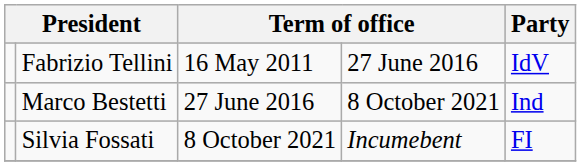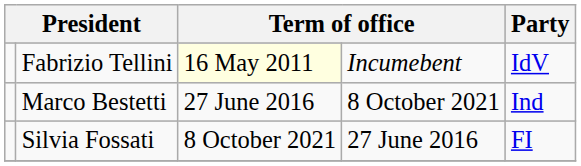 <table class="wikitable">
 <tr>
 <th colspan="2">President</th>
 <th colspan="2">Term of office</th>
 <th>Party</th>
 </tr>
 <tr>
 <td style="background-color: "></td>
 <td>Fabrizio Tellini</td>
-<td>16 May 2011</td>
-<td>27 June 2016</td>
+<td style="background: lightyellow;">16 May 2011</td>
+<td><em>Incumebent</em></td>
 <td><a href='#'>IdV</a></td>
 </tr>
 <tr>
 <td style="background-color: "></td>
 <td>Marco Bestetti</td>
 <td>27 June 2016</td>
 <td>8 October 2021</td>
 <td><a href='#'>Ind</a></td>
 </tr>
 <tr>
 <td style="background-color: "></td>
 <td>Silvia Fossati</td>
 <td>8 October 2021</td>
-<td><em>Incumebent</em></td>
+<td>27 June 2016</td>
 <td><a href='#'>FI</a></td>
 </tr>
 <tr>
 </tr>
 </table>
